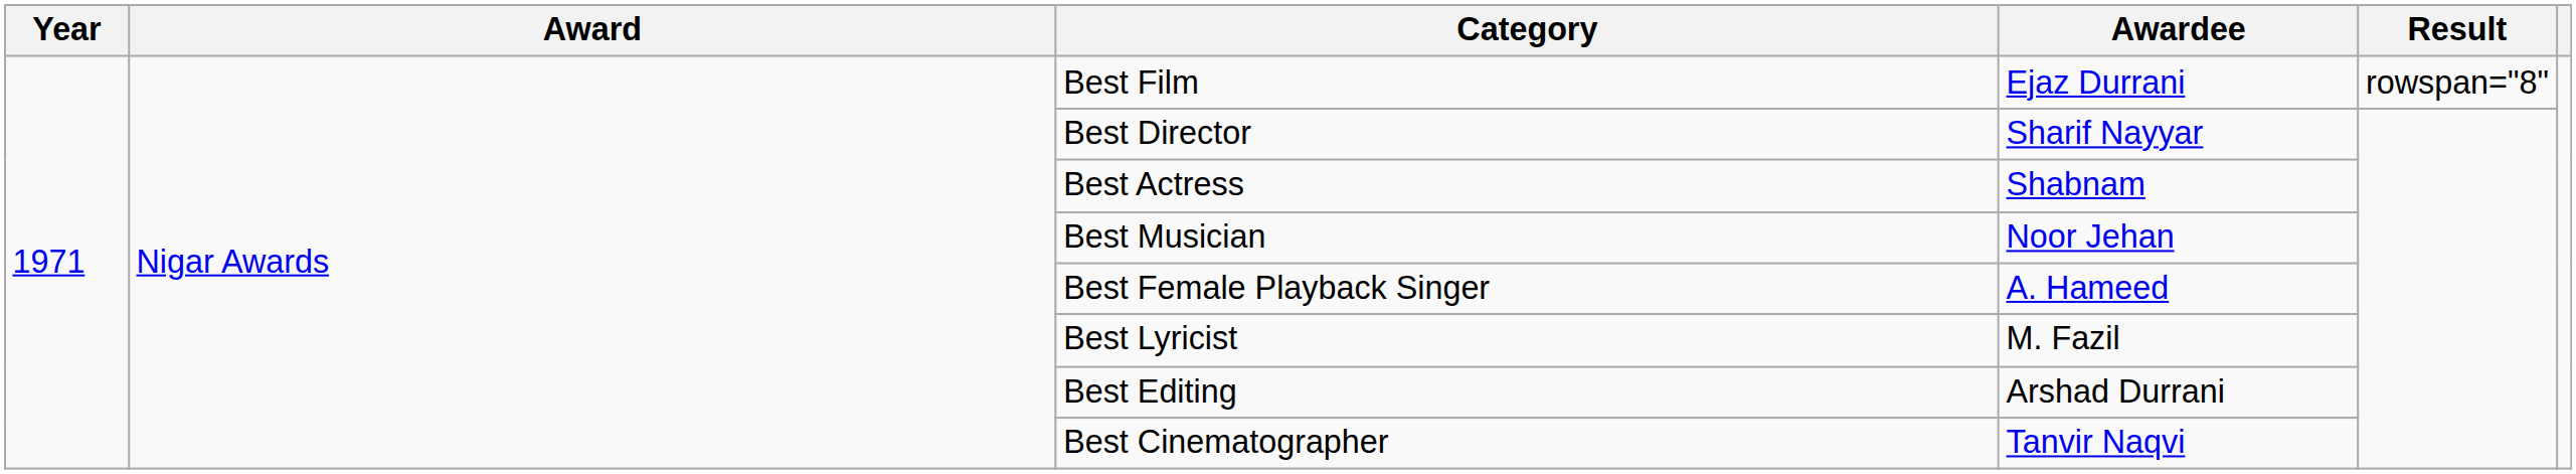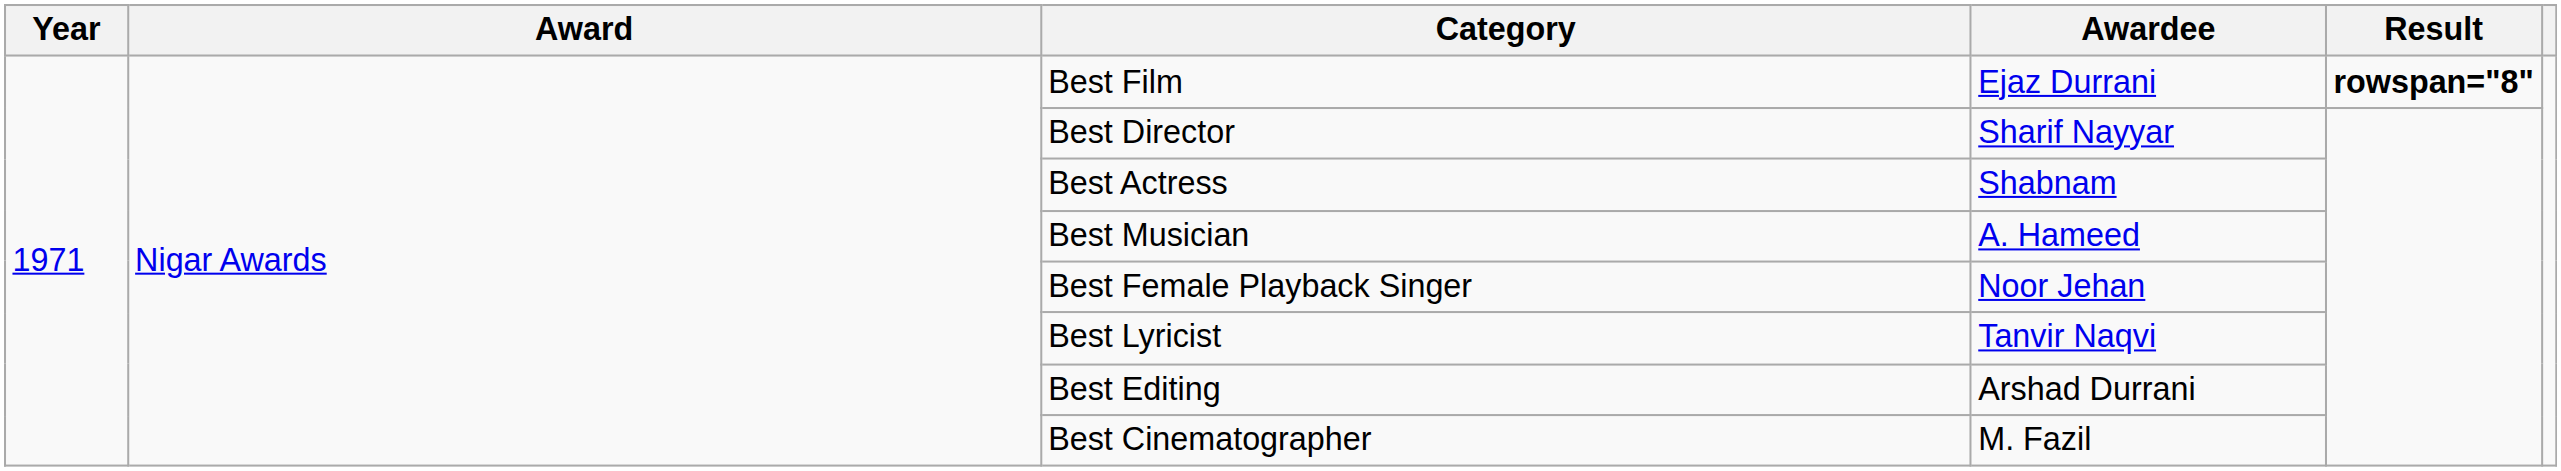 <table class="wikitable sortable" width=100%>
 <tr>
 <th width=5%>Year</th>
 <th style="width:40%;">Award</th>
 <th style="width:40%;">Category</th>
 <th style="width:40%;">Awardee</th>
 <th style="width:10%;">Result</th>
 <th width=5%></th>
 </tr>
 <tr>
 <td rowspan="8"><a href='#'>1971</a></td>
 <td rowspan="8"><a href='#'>Nigar Awards</a></td>
 <td>Best Film</td>
 <td><a href='#'>Ejaz Durrani</a></td>
-<td>rowspan="8"</td>
+<td><strong>rowspan="8"</strong></td>
 <td rowspan="8"></td>
 </tr>
 <tr>
 <td>Best Director</td>
 <td><a href='#'>Sharif Nayyar</a></td>
 </tr>
 <tr>
 <td>Best Actress</td>
 <td><a href='#'>Shabnam</a></td>
 </tr>
 <tr>
 <td>Best Musician</td>
+<td><a href='#'>A. Hameed</a></td>
+</tr>
+<tr>
+<td>Best Female Playback Singer</td>
 <td><a href='#'>Noor Jehan</a></td>
 </tr>
 <tr>
-<td>Best Female Playback Singer</td>
-<td><a href='#'>A. Hameed</a></td>
-</tr>
-<tr>
 <td>Best Lyricist</td>
-<td>M. Fazil</td>
+<td><a href='#'>Tanvir Naqvi</a></td>
 </tr>
 <tr>
 <td>Best Editing</td>
 <td>Arshad Durrani</td>
 </tr>
 <tr>
 <td>Best Cinematographer</td>
-<td><a href='#'>Tanvir Naqvi</a></td>
+<td>M. Fazil</td>
 </tr>
 </table>
